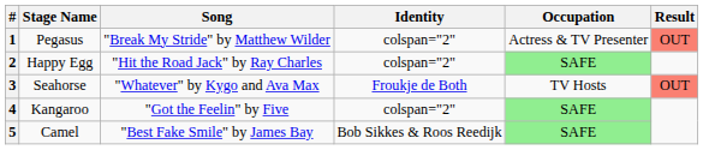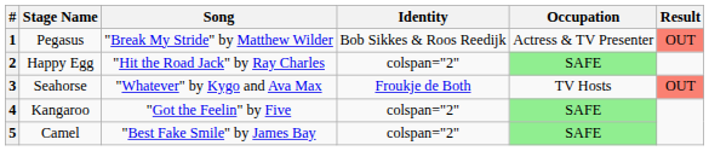 <table class="wikitable plainrowheaders" style="text-align: center;">
 <tr>
 <th><strong>#</strong></th>
 <th><strong>Stage Name</strong></th>
 <th><strong>Song</strong></th>
 <th>Identity</th>
 <th><strong>Occupation</strong></th>
 <th>Result</th>
 </tr>
 <tr>
 <th>1</th>
 <td>Pegasus</td>
 <td>"<a href='#'>Break My Stride</a>" by <a href='#'>Matthew Wilder</a></td>
-<td>colspan="2" </td>
+<td>Bob Sikkes &  Roos Reedijk</td>
 <td>Actress & TV Presenter</td>
 <td bgcolor="salmon">OUT</td>
 </tr>
 <tr>
 <th>2</th>
 <td>Happy Egg</td>
 <td>"<a href='#'>Hit the Road Jack</a>" by <a href='#'>Ray Charles</a></td>
 <td>colspan="2" </td>
 <td bgcolor="lightgreen">SAFE</td>
 </tr>
 <tr>
 <th>3</th>
 <td>Seahorse</td>
 <td>"<a href='#'>Whatever</a>" by <a href='#'>Kygo</a> and <a href='#'>Ava Max</a></td>
 <td><a href='#'>Froukje de Both</a></td>
 <td>TV Hosts</td>
 <td bgcolor="salmon">OUT</td>
 </tr>
 <tr>
 <th>4</th>
 <td>Kangaroo</td>
 <td>"<a href='#'>Got the Feelin</a>" by <a href='#'>Five</a></td>
 <td>colspan="2" </td>
 <td bgcolor="lightgreen">SAFE</td>
 </tr>
 <tr>
 <th>5</th>
 <td>Camel</td>
 <td>"<a href='#'>Best Fake Smile</a>" by <a href='#'>James Bay</a></td>
-<td>Bob Sikkes &  Roos Reedijk</td>
+<td>colspan="2" </td>
 <td bgcolor="lightgreen">SAFE</td>
 </tr>
 </table>
